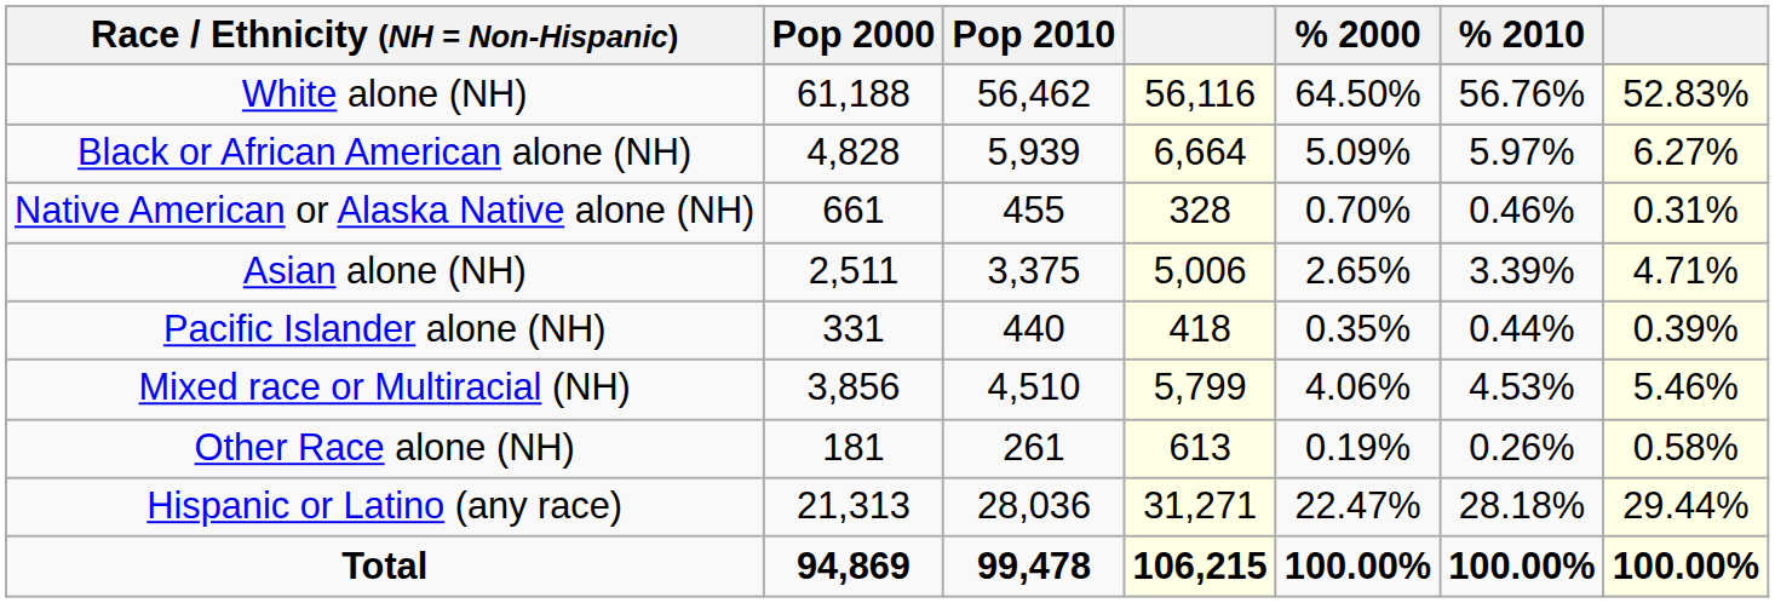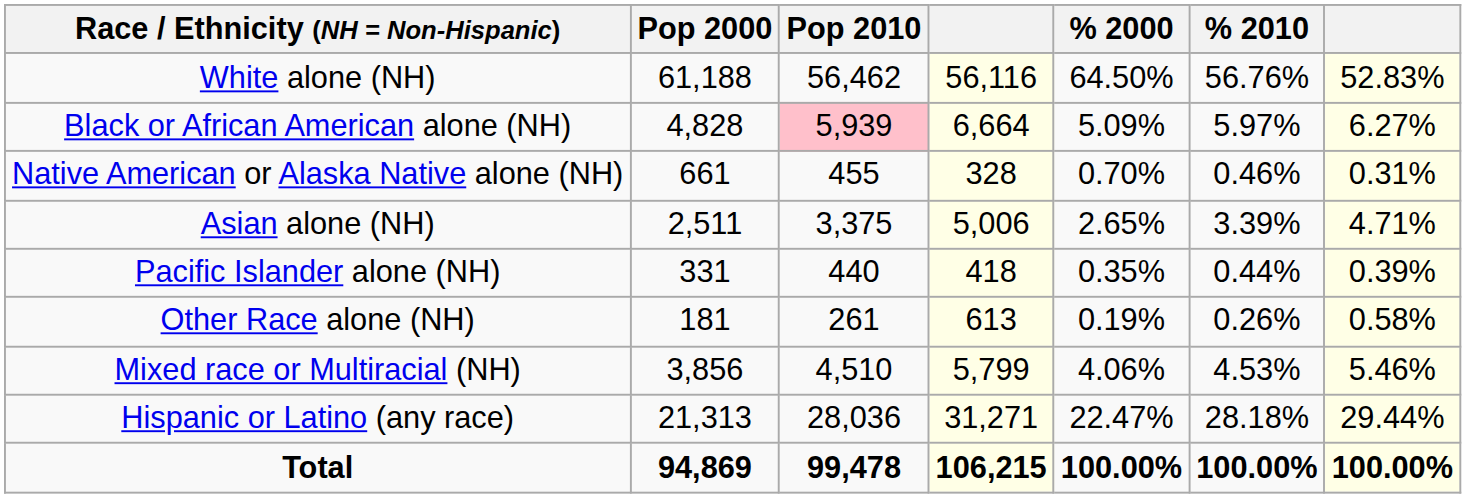 <table class="wikitable" style="text-align:center;">
 <tr>
 <th>Race / Ethnicity <small>(<em>NH = Non-Hispanic</em>)</small></th>
 <th>Pop 2000</th>
 <th>Pop 2010</th>
 <th></th>
 <th>% 2000</th>
 <th>% 2010</th>
 <th></th>
 </tr>
 <tr>
 <td><a href='#'>White</a> alone (NH)</td>
 <td>61,188</td>
 <td>56,462</td>
 <td style='background: #ffffe6;'>56,116</td>
 <td>64.50%</td>
 <td>56.76%</td>
 <td style='background: #ffffe6;'>52.83%</td>
 </tr>
 <tr>
 <td><a href='#'>Black or African American</a> alone (NH)</td>
 <td>4,828</td>
-<td>5,939</td>
+<td style="background: pink;">5,939</td>
 <td style='background: #ffffe6;'>6,664</td>
 <td>5.09%</td>
 <td>5.97%</td>
 <td style='background: #ffffe6;'>6.27%</td>
 </tr>
 <tr>
 <td><a href='#'>Native American</a> or <a href='#'>Alaska Native</a> alone (NH)</td>
 <td>661</td>
 <td>455</td>
 <td style='background: #ffffe6;'>328</td>
 <td>0.70%</td>
 <td>0.46%</td>
 <td style='background: #ffffe6;'>0.31%</td>
 </tr>
 <tr>
 <td><a href='#'>Asian</a> alone (NH)</td>
 <td>2,511</td>
 <td>3,375</td>
 <td style='background: #ffffe6;'>5,006</td>
 <td>2.65%</td>
 <td>3.39%</td>
 <td style='background: #ffffe6;'>4.71%</td>
 </tr>
 <tr>
 <td><a href='#'>Pacific Islander</a> alone (NH)</td>
 <td>331</td>
 <td>440</td>
 <td style='background: #ffffe6;'>418</td>
 <td>0.35%</td>
 <td>0.44%</td>
 <td style='background: #ffffe6;'>0.39%</td>
 </tr>
 <tr>
+<td><a href='#'>Other Race</a> alone (NH)</td>
+<td>181</td>
+<td>261</td>
+<td style='background: #ffffe6;'>613</td>
+<td>0.19%</td>
+<td>0.26%</td>
+<td style='background: #ffffe6;'>0.58%</td>
+</tr>
+<tr>
 <td><a href='#'>Mixed race or Multiracial</a> (NH)</td>
 <td>3,856</td>
 <td>4,510</td>
 <td style='background: #ffffe6;'>5,799</td>
 <td>4.06%</td>
 <td>4.53%</td>
 <td style='background: #ffffe6;'>5.46%</td>
-</tr>
-<tr>
-<td><a href='#'>Other Race</a> alone (NH)</td>
-<td>181</td>
-<td>261</td>
-<td style='background: #ffffe6;'>613</td>
-<td>0.19%</td>
-<td>0.26%</td>
-<td style='background: #ffffe6;'>0.58%</td>
 </tr>
 <tr>
 <td><a href='#'>Hispanic or Latino</a> (any race)</td>
 <td>21,313</td>
 <td>28,036</td>
 <td style='background: #ffffe6;'>31,271</td>
 <td>22.47%</td>
 <td>28.18%</td>
 <td style='background: #ffffe6;'>29.44%</td>
 </tr>
 <tr>
 <td><strong>Total</strong></td>
 <td><strong>94,869</strong></td>
 <td><strong>99,478</strong></td>
 <td style='background: #ffffe6;'><strong>106,215</strong></td>
 <td><strong>100.00%</strong></td>
 <td><strong>100.00%</strong></td>
 <td style='background: #ffffe6;'><strong>100.00%</strong></td>
 </tr>
 </table>
